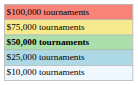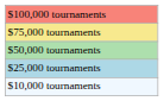 <table class="wikitable" style="font-size:85%; width:15%;">
 <tr style="background:#f88379;">
 <td>$100,000 tournaments</td>
 </tr>
 <tr style="background:#f7e98e;">
 <td>$75,000 tournaments</td>
 </tr>
 <tr style="background:#addfad;">
-<td><strong>$50,000 tournaments</strong></td>
+<td>$50,000 tournaments</td>
 </tr>
 <tr style="background:lightblue;">
 <td>$25,000 tournaments</td>
 </tr>
 <tr style="background:#f0f8ff;">
 <td>$10,000 tournaments</td>
 </tr>
 </table>
